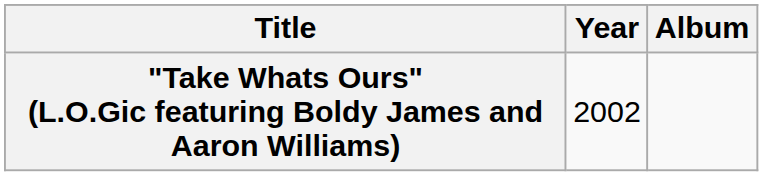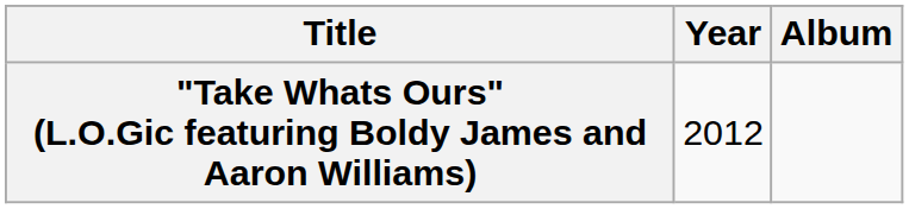 <table class="wikitable plainrowheaders" style="text-align:center;">
 <tr>
 <th scope="col" style="width:18em;">Title</th>
 <th scope="col">Year</th>
 <th scope="col">Album</th>
 </tr>
 <tr>
 <th scope="row">"Take Whats Ours"<br><span>(L.O.Gic featuring Boldy James and Aaron Williams)</span></th>
-<td>2002</td>
+<td>2012</td>
 <td></td>
 </tr>
 </table>
